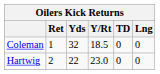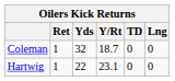 <table class="wikitable">
 <tr>
 <th colspan="6">Oilers Kick Returns</th>
 </tr>
 <tr>
 <th></th>
 <th>Ret</th>
 <th>Yds</th>
 <th>Y/Rt</th>
 <th>TD</th>
 <th>Lng</th>
 </tr>
 <tr>
 <td><a href='#'>Coleman</a></td>
 <td>1</td>
 <td>32</td>
-<td>18.5</td>
+<td>18.7</td>
 <td>0</td>
 <td>0</td>
 </tr>
 <tr>
 <td><a href='#'>Hartwig</a></td>
-<td>2</td>
+<td>1</td>
 <td>22</td>
-<td>23.0</td>
+<td>23.1</td>
 <td>0</td>
 <td>0</td>
 </tr>
 </table>
